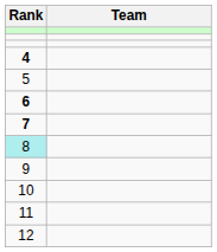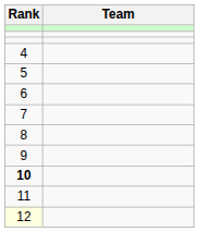 <table class="wikitable" style="text-align: left;">
 <tr>
 <th width=40>Rank</th>
 <th width=180>Team</th>
 </tr>
 <tr bgcolor=ccffcc>
 <td align=center></td>
 <td></td>
 </tr>
 <tr>
 <td align=center></td>
 <td></td>
 </tr>
 <tr>
 <td align=center></td>
 <td></td>
 </tr>
 <tr>
-<td align=center><strong>4</strong></td>
+<td align=center>4</td>
 <td></td>
 </tr>
 <tr>
 <td align=center>5</td>
 <td></td>
 </tr>
 <tr>
-<td align=center><strong>6</strong></td>
+<td align=center>6</td>
 <td></td>
 </tr>
 <tr>
-<td align=center><strong>7</strong></td>
+<td align=center>7</td>
 <td></td>
 </tr>
 <tr>
-<td align=center style="background: paleturquoise;">8</td>
+<td align=center>8</td>
 <td></td>
 </tr>
 <tr>
 <td align=center>9</td>
 <td></td>
 </tr>
 <tr>
-<td align=center>10</td>
+<td align=center><strong>10</strong></td>
 <td></td>
 </tr>
 <tr>
 <td align=center>11</td>
 <td></td>
 </tr>
 <tr>
-<td align=center>12</td>
+<td align=center style="background: lightyellow;">12</td>
 <td></td>
 </tr>
 </table>
